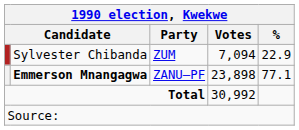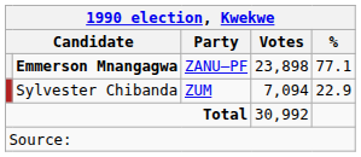 <table class="wikitable">
 <tr>
 <th colspan="5"><a href='#'>1990 election</a>, <a href='#'>Kwekwe</a></th>
 </tr>
 <tr>
 <th colspan="2">Candidate</th>
 <th>Party</th>
 <th>Votes</th>
 <th>%</th>
 </tr>
 <tr>
+<th style="background-color: "></th>
+<td><strong>Emmerson Mnangagwa</strong></td>
+<td><a href='#'>ZANU–PF</a></td>
+<td style="text-align:right">23,898</td>
+<td style="text-align:right">77.1</td>
+</tr>
+<tr>
 <th style="background-color:#B22222"></th>
 <td>Sylvester Chibanda</td>
 <td><a href='#'>ZUM</a></td>
 <td style="text-align:right">7,094</td>
 <td style="text-align:right">22.9</td>
-</tr>
-<tr>
-<th style="background-color: "></th>
-<td><strong>Emmerson Mnangagwa</strong></td>
-<td><a href='#'>ZANU–PF</a></td>
-<td style="text-align:right">23,898</td>
-<td style="text-align:right">77.1</td>
 </tr>
 <tr>
 <td colspan="3" style="text-align:right"><strong>Total</strong></td>
 <td style="text-align:right">30,992</td>
 <td style="text-align:right"></td>
 </tr>
 <tr>
 <td colspan="5" style="text-align:left">Source:</td>
 </tr>
 </table>
